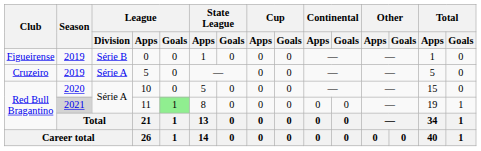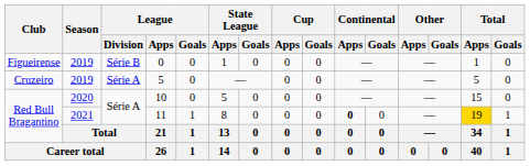 <table class="wikitable" style="text-align: center">
 <tr>
 <th rowspan="2">Club</th>
 <th rowspan="2">Season</th>
 <th colspan="3">League</th>
 <th colspan="2">State League</th>
 <th colspan="2">Cup</th>
 <th colspan="2">Continental</th>
 <th colspan="2">Other</th>
 <th colspan="2">Total</th>
 </tr>
 <tr>
 <th>Division</th>
 <th>Apps</th>
 <th>Goals</th>
 <th>Apps</th>
 <th>Goals</th>
 <th>Apps</th>
 <th>Goals</th>
 <th>Apps</th>
 <th>Goals</th>
 <th>Apps</th>
 <th>Goals</th>
 <th>Apps</th>
 <th>Goals</th>
 </tr>
 <tr>
 <td><a href='#'>Figueirense</a></td>
 <td><a href='#'>2019</a></td>
 <td><a href='#'>Série B</a></td>
 <td>0</td>
 <td>0</td>
 <td>1</td>
 <td>0</td>
 <td>0</td>
 <td>0</td>
 <td colspan="2">—</td>
 <td colspan="2">—</td>
 <td>1</td>
 <td>0</td>
 </tr>
 <tr>
 <td><a href='#'>Cruzeiro</a></td>
 <td><a href='#'>2019</a></td>
 <td><a href='#'>Série A</a></td>
 <td>5</td>
 <td>0</td>
 <td colspan="2">—</td>
 <td>0</td>
 <td>0</td>
 <td colspan="2">—</td>
 <td colspan="2">—</td>
 <td>5</td>
 <td>0</td>
 </tr>
 <tr>
 <td rowspan="3"><a href='#'>Red Bull Bragantino</a></td>
 <td><a href='#'>2020</a></td>
 <td rowspan="2">Série A</td>
 <td>10</td>
 <td>0</td>
 <td>5</td>
 <td>0</td>
 <td>0</td>
 <td>0</td>
 <td colspan="2">—</td>
 <td colspan="2">—</td>
 <td>15</td>
 <td>0</td>
 </tr>
 <tr>
-<td style="background: lightgrey;"><a href='#'>2021</a></td>
+<td><a href='#'>2021</a></td>
 <td>11</td>
-<td style="background: lightgreen;">1</td>
+<td>1</td>
 <td>8</td>
 <td>0</td>
 <td>0</td>
 <td>0</td>
-<td>0</td>
+<td><strong>0</strong></td>
 <td>0</td>
 <td colspan="2">—</td>
-<td>19</td>
+<td style="background: gold;">19</td>
 <td>1</td>
 </tr>
 <tr>
 <th colspan="2">Total</th>
 <th>21</th>
 <th>1</th>
 <th>13</th>
 <th>0</th>
 <th>0</th>
 <th>0</th>
 <th>0</th>
 <th>0</th>
 <th colspan="2">—</th>
 <th>34</th>
 <th>1</th>
 </tr>
 <tr>
 <th colspan="3"><strong>Career total</strong></th>
 <th>26</th>
 <th>1</th>
 <th>14</th>
 <th>0</th>
 <th>0</th>
 <th>0</th>
 <th>0</th>
 <th>0</th>
 <th>0</th>
 <th>0</th>
 <th>40</th>
 <th>1</th>
 </tr>
 </table>
